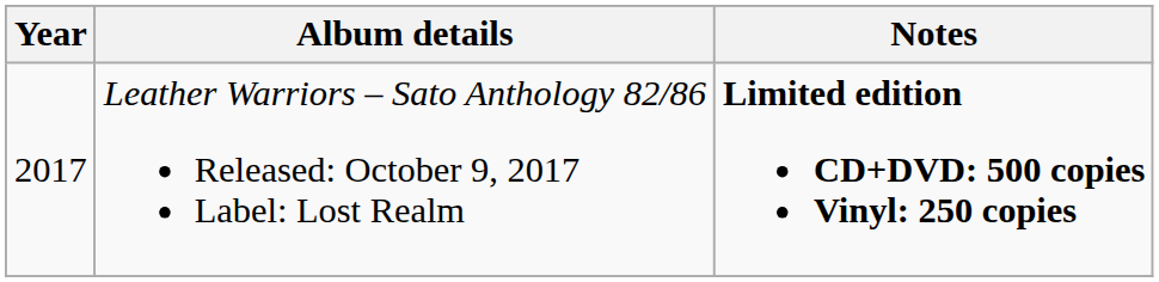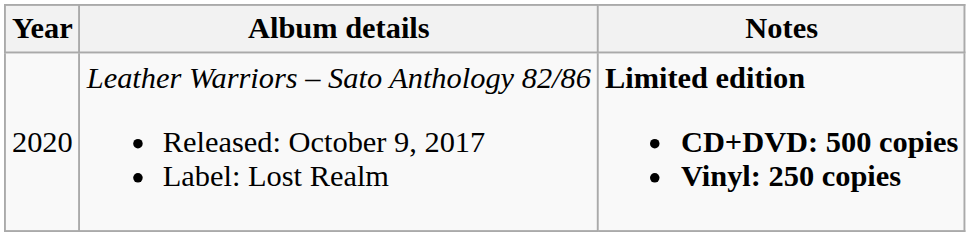 <table class="wikitable">
 <tr>
 <th>Year</th>
 <th>Album details</th>
 <th>Notes</th>
 </tr>
 <tr>
-<td>2017</td>
+<td>2020</td>
 <td><em>Leather Warriors – Sato Anthology 82/86</em><br><ul><li>Released: October 9, 2017</li><li>Label: Lost Realm</li></ul></td>
 <td><strong>Limited edition<br><ul><li>CD+DVD: 500 copies</li><li>Vinyl: 250 copies</li></ul></strong></td>
 </tr>
 </table>
